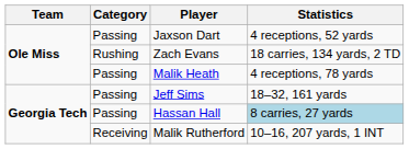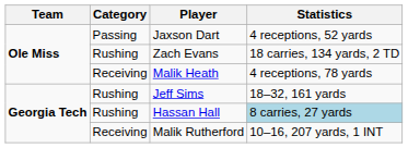 <table class="wikitable" style="float: right;">
 <tr>
 <th>Team</th>
 <th>Category</th>
 <th>Player</th>
 <th>Statistics</th>
 </tr>
 <tr>
 <td rowspan=3><strong>Ole Miss</strong></td>
 <td>Passing</td>
 <td>Jaxson Dart</td>
 <td>4 receptions, 52 yards</td>
 </tr>
 <tr>
 <td>Rushing</td>
 <td>Zach Evans</td>
 <td>18 carries, 134 yards, 2 TD</td>
 </tr>
 <tr>
-<td>Passing</td>
+<td>Receiving</td>
 <td><a href='#'>Malik Heath</a></td>
 <td>4 receptions, 78 yards</td>
 </tr>
 <tr>
 <td rowspan=3><strong>Georgia Tech</strong></td>
-<td>Passing</td>
+<td>Rushing</td>
 <td><a href='#'>Jeff Sims</a></td>
 <td>18–32, 161 yards</td>
 </tr>
 <tr>
-<td>Passing</td>
+<td>Rushing</td>
 <td><a href='#'>Hassan Hall</a></td>
 <td style="background: lightblue;">8 carries, 27 yards</td>
 </tr>
 <tr>
 <td>Receiving</td>
 <td>Malik Rutherford</td>
 <td>10–16, 207 yards, 1 INT</td>
 </tr>
 </table>
